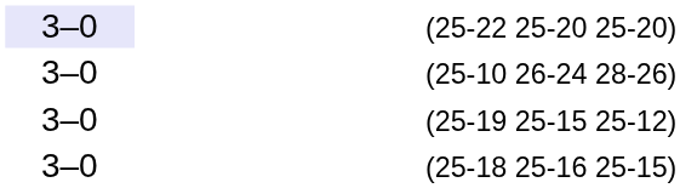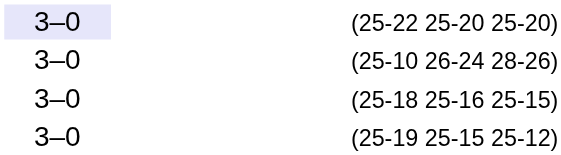 <table>
 <tr>
 <th width=200></th>
 <th width=200></th>
 <th width=80></th>
 <th width=200></th>
 <th width=220></th>
 </tr>
 <tr>
 <td align=right></td>
 <td align=right><strong></strong></td>
 <td align=center style="background: lavender;">3–0</td>
 <td></td>
 <td><small>(25-22 25-20 25-20)</small></td>
 </tr>
 <tr>
 <td align=right></td>
 <td align=right><strong></strong></td>
 <td align=center>3–0</td>
 <td></td>
 <td><small>(25-10 26-24 28-26)</small></td>
 </tr>
 <tr>
 <td align=right></td>
 <td align=right><strong></strong></td>
 <td align=center>3–0</td>
 <td></td>
-<td><small>(25-19 25-15 25-12)</small></td>
+<td><small>(25-18 25-16 25-15)</small></td>
 </tr>
 <tr>
 <td align=right></td>
 <td align=right><strong></strong></td>
 <td align=center>3–0</td>
 <td></td>
-<td><small>(25-18 25-16 25-15)</small></td>
+<td><small>(25-19 25-15 25-12)</small></td>
 </tr>
 </table>
